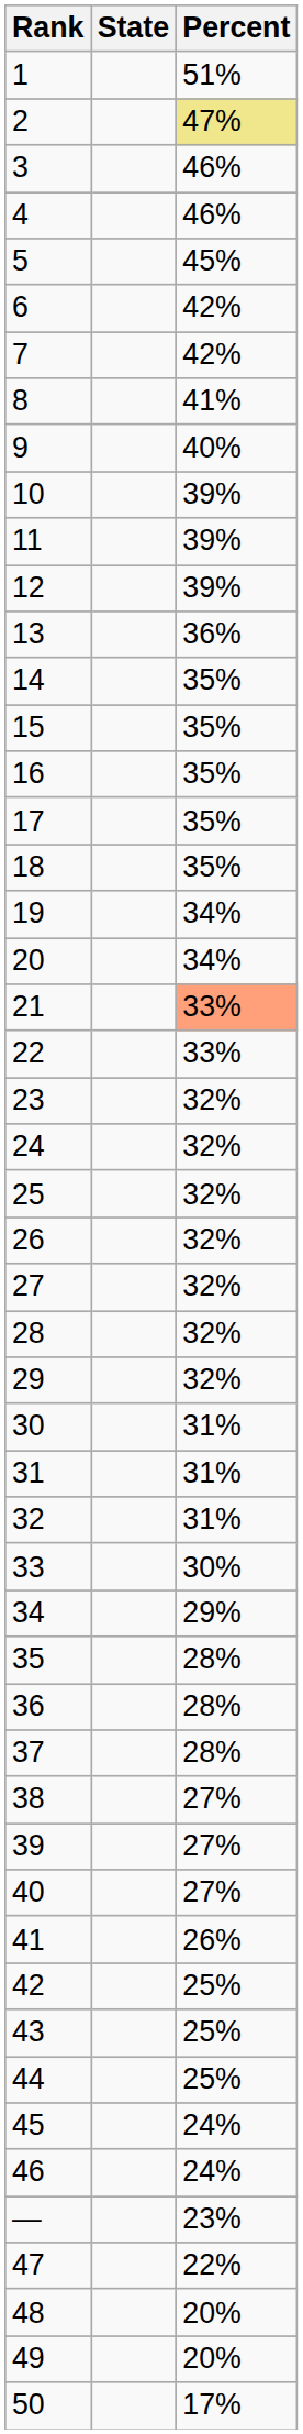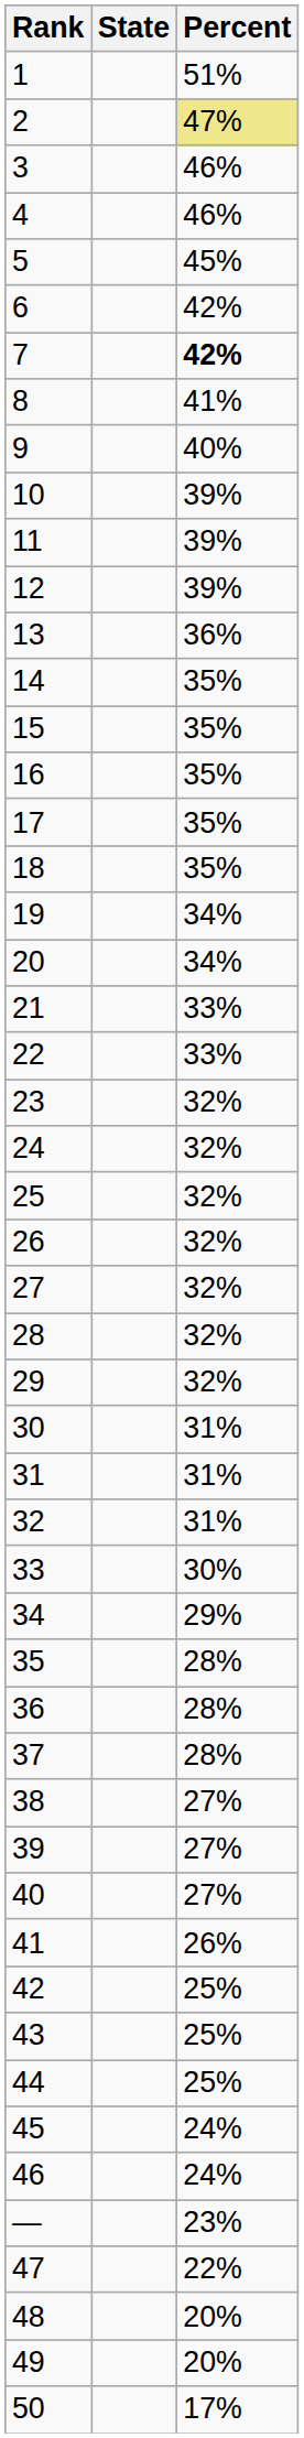 <table class="wikitable sortable">
 <tr>
 <th>Rank</th>
 <th>State</th>
 <th>Percent</th>
 </tr>
 <tr>
 <td>1</td>
 <td></td>
 <td>51%</td>
 </tr>
 <tr>
 <td>2</td>
 <td></td>
 <td style="background: khaki;">47%</td>
 </tr>
 <tr>
 <td>3</td>
 <td></td>
 <td>46%</td>
 </tr>
 <tr>
 <td>4</td>
 <td></td>
 <td>46%</td>
 </tr>
 <tr>
 <td>5</td>
 <td></td>
 <td>45%</td>
 </tr>
 <tr>
 <td>6</td>
 <td></td>
 <td>42%</td>
 </tr>
 <tr>
 <td>7</td>
 <td></td>
-<td>42%</td>
+<td><strong>42%</strong></td>
 </tr>
 <tr>
 <td>8</td>
 <td></td>
 <td>41%</td>
 </tr>
 <tr>
 <td>9</td>
 <td></td>
 <td>40%</td>
 </tr>
 <tr>
 <td>10</td>
 <td></td>
 <td>39%</td>
 </tr>
 <tr>
 <td>11</td>
 <td></td>
 <td>39%</td>
 </tr>
 <tr>
 <td>12</td>
 <td></td>
 <td>39%</td>
 </tr>
 <tr>
 <td>13</td>
 <td></td>
 <td>36%</td>
 </tr>
 <tr>
 <td>14</td>
 <td></td>
 <td>35%</td>
 </tr>
 <tr>
 <td>15</td>
 <td></td>
 <td>35%</td>
 </tr>
 <tr>
 <td>16</td>
 <td></td>
 <td>35%</td>
 </tr>
 <tr>
 <td>17</td>
 <td></td>
 <td>35%</td>
 </tr>
 <tr>
 <td>18</td>
 <td></td>
 <td>35%</td>
 </tr>
 <tr>
 <td>19</td>
 <td></td>
 <td>34%</td>
 </tr>
 <tr>
 <td>20</td>
 <td></td>
 <td>34%</td>
 </tr>
 <tr>
 <td>21</td>
 <td></td>
-<td style="background: lightsalmon;">33%</td>
+<td>33%</td>
 </tr>
 <tr>
 <td>22</td>
 <td></td>
 <td>33%</td>
 </tr>
 <tr>
 <td>23</td>
 <td></td>
 <td>32%</td>
 </tr>
 <tr>
 <td>24</td>
 <td></td>
 <td>32%</td>
 </tr>
 <tr>
 <td>25</td>
 <td></td>
 <td>32%</td>
 </tr>
 <tr>
 <td>26</td>
 <td></td>
 <td>32%</td>
 </tr>
 <tr>
 <td>27</td>
 <td></td>
 <td>32%</td>
 </tr>
 <tr>
 <td>28</td>
 <td></td>
 <td>32%</td>
 </tr>
 <tr>
 <td>29</td>
 <td></td>
 <td>32%</td>
 </tr>
 <tr>
 <td>30</td>
 <td></td>
 <td>31%</td>
 </tr>
 <tr>
 <td>31</td>
 <td></td>
 <td>31%</td>
 </tr>
 <tr>
 <td>32</td>
 <td></td>
 <td>31%</td>
 </tr>
 <tr>
 <td>33</td>
 <td></td>
 <td>30%</td>
 </tr>
 <tr>
 <td>34</td>
 <td></td>
 <td>29%</td>
 </tr>
 <tr>
 <td>35</td>
 <td></td>
 <td>28%</td>
 </tr>
 <tr>
 <td>36</td>
 <td></td>
 <td>28%</td>
 </tr>
 <tr>
 <td>37</td>
 <td></td>
 <td>28%</td>
 </tr>
 <tr>
 <td>38</td>
 <td></td>
 <td>27%</td>
 </tr>
 <tr>
 <td>39</td>
 <td></td>
 <td>27%</td>
 </tr>
 <tr>
 <td>40</td>
 <td></td>
 <td>27%</td>
 </tr>
 <tr>
 <td>41</td>
 <td></td>
 <td>26%</td>
 </tr>
 <tr>
 <td>42</td>
 <td></td>
 <td>25%</td>
 </tr>
 <tr>
 <td>43</td>
 <td></td>
 <td>25%</td>
 </tr>
 <tr>
 <td>44</td>
 <td></td>
 <td>25%</td>
 </tr>
 <tr>
 <td>45</td>
 <td></td>
 <td>24%</td>
 </tr>
 <tr>
 <td>46</td>
 <td></td>
 <td>24%</td>
 </tr>
 <tr>
 <td>—</td>
 <td></td>
 <td>23%</td>
 </tr>
 <tr>
 <td>47</td>
 <td></td>
 <td>22%</td>
 </tr>
 <tr>
 <td>48</td>
 <td></td>
 <td>20%</td>
 </tr>
 <tr>
 <td>49</td>
 <td></td>
 <td>20%</td>
 </tr>
 <tr>
 <td>50</td>
 <td></td>
 <td>17%</td>
 </tr>
 </table>
